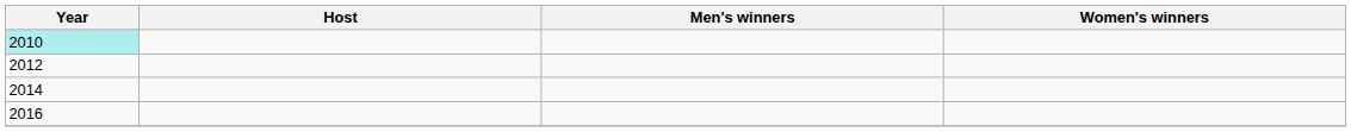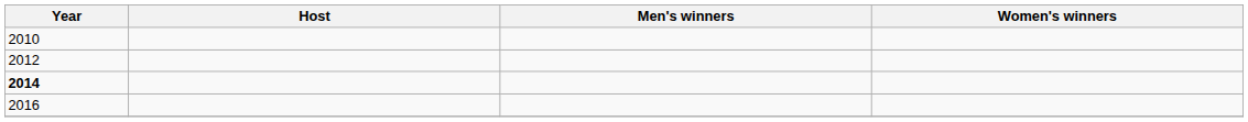 <table class="wikitable sortable" style="font-size:90%; width: 100%; text-align: left;">
 <tr>
 <th width=5%>Year</th>
 <th width=15%>Host</th>
 <th width=15%>Men's winners</th>
 <th width=15%>Women's winners</th>
 </tr>
 <tr>
-<td style="background: paleturquoise;">2010</td>
+<td>2010</td>
 <td></td>
 <td></td>
 <td></td>
 </tr>
 <tr>
 <td>2012</td>
 <td></td>
 <td></td>
 <td></td>
 </tr>
 <tr>
-<td>2014</td>
+<td><strong>2014</strong></td>
 <td></td>
 <td></td>
 <td></td>
 </tr>
 <tr>
 <td>2016</td>
 <td></td>
 <td></td>
 <td></td>
 </tr>
 <tr>
 </tr>
 </table>
